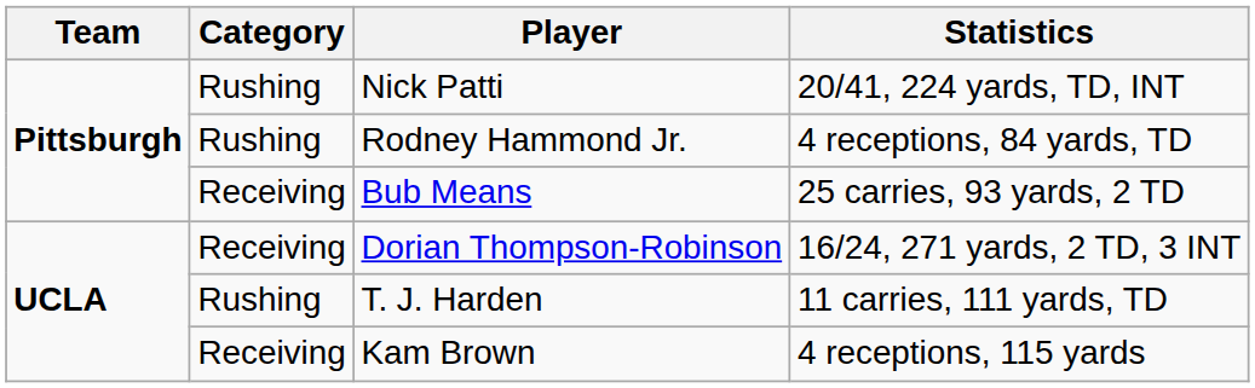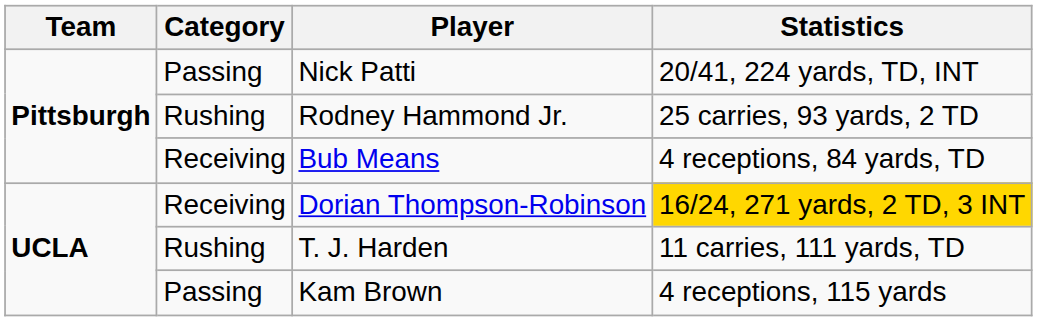 <table class="wikitable" style="float: right;">
 <tr>
 <th>Team</th>
 <th>Category</th>
 <th>Player</th>
 <th>Statistics</th>
 </tr>
 <tr>
 <td rowspan=3><strong>Pittsburgh</strong></td>
-<td>Rushing</td>
+<td>Passing</td>
 <td>Nick Patti</td>
 <td>20/41, 224 yards, TD, INT</td>
 </tr>
 <tr>
 <td>Rushing</td>
 <td>Rodney Hammond Jr.</td>
-<td>4 receptions, 84 yards, TD</td>
+<td>25 carries, 93 yards, 2 TD</td>
 </tr>
 <tr>
 <td>Receiving</td>
 <td><a href='#'>Bub Means</a></td>
-<td>25 carries, 93 yards, 2 TD</td>
+<td>4 receptions, 84 yards, TD</td>
 </tr>
 <tr>
 <td rowspan=3><strong>UCLA</strong></td>
 <td>Receiving</td>
 <td><a href='#'>Dorian Thompson-Robinson</a></td>
-<td>16/24, 271 yards, 2 TD, 3 INT</td>
+<td style="background: gold;">16/24, 271 yards, 2 TD, 3 INT</td>
 </tr>
 <tr>
 <td>Rushing</td>
 <td>T. J. Harden</td>
 <td>11 carries, 111 yards, TD</td>
 </tr>
 <tr>
-<td>Receiving</td>
+<td>Passing</td>
 <td>Kam Brown</td>
 <td>4 receptions, 115 yards</td>
 </tr>
 </table>
